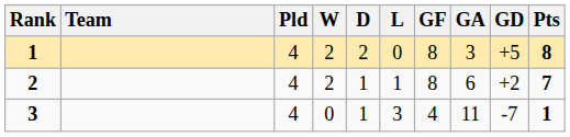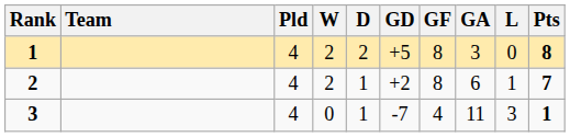 <table class="wikitable" style="text-align: center;">
 <tr>
 <th width=30>Rank</th>
 <th width=165 style="text-align:left;">Team</th>
 <th width=20>Pld</th>
 <th width=20>W</th>
 <th width=20>D</th>
-<th width=20>L</th>
+<th width=20>GD</th>
 <th width=20>GF</th>
 <th width=20>GA</th>
-<th width=20>GD</th>
+<th width=20>L</th>
 <th width=20>Pts</th>
 </tr>
 <tr style="background:#ffebad;">
 <td><strong>1</strong></td>
 <td style="text-align:left;"></td>
 <td>4</td>
 <td>2</td>
 <td>2</td>
-<td>0</td>
+<td>+5</td>
 <td>8</td>
 <td>3</td>
-<td>+5</td>
+<td>0</td>
 <td><strong>8</strong></td>
 </tr>
 <tr>
 <td><strong>2</strong></td>
 <td style="text-align:left;"></td>
 <td>4</td>
 <td>2</td>
 <td>1</td>
-<td>1</td>
+<td>+2</td>
 <td>8</td>
 <td>6</td>
-<td>+2</td>
+<td>1</td>
 <td><strong>7</strong></td>
 </tr>
 <tr>
 <td><strong>3</strong></td>
 <td style="text-align:left;"></td>
 <td>4</td>
 <td>0</td>
 <td>1</td>
-<td>3</td>
+<td>-7</td>
 <td>4</td>
 <td>11</td>
-<td>-7</td>
+<td>3</td>
 <td><strong>1</strong></td>
 </tr>
 </table>
